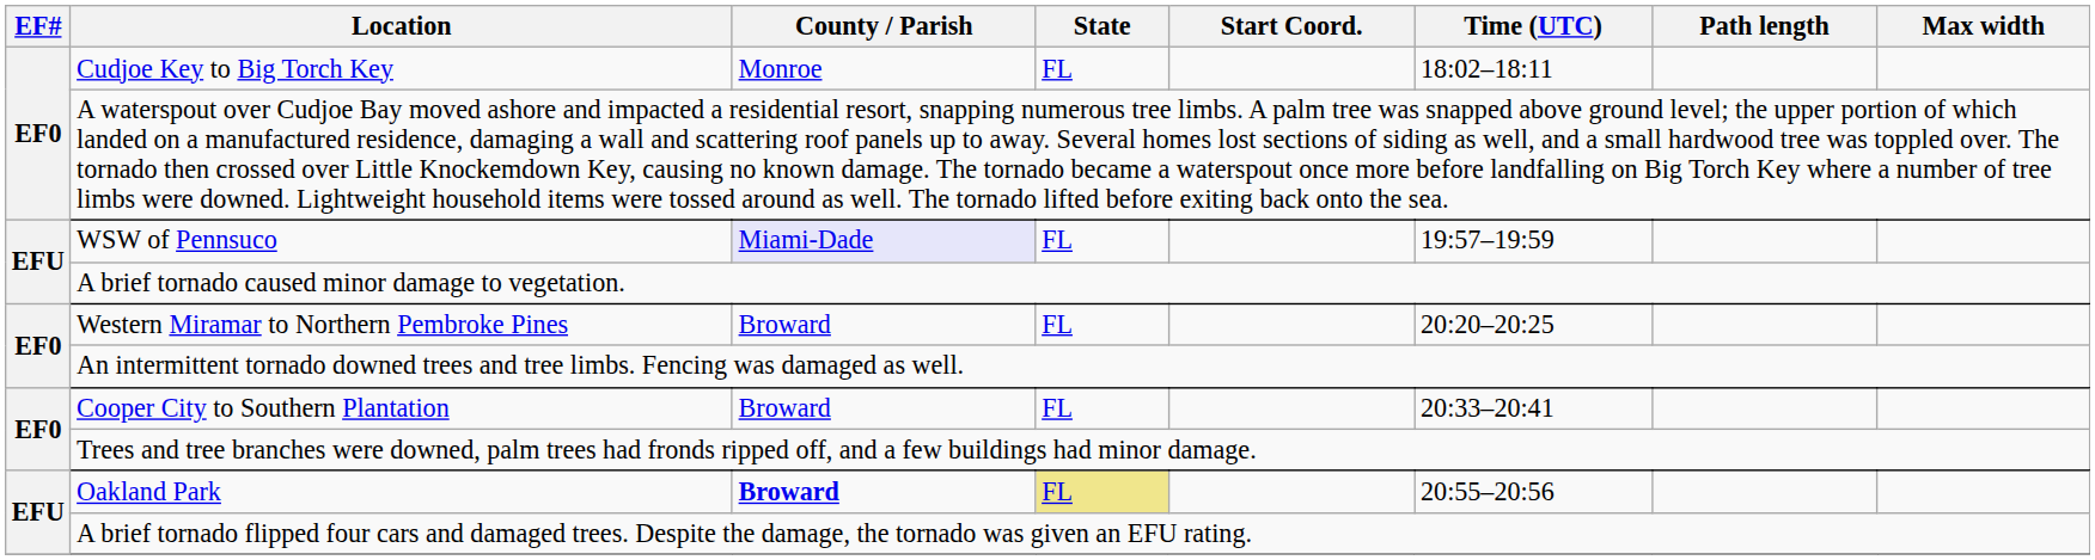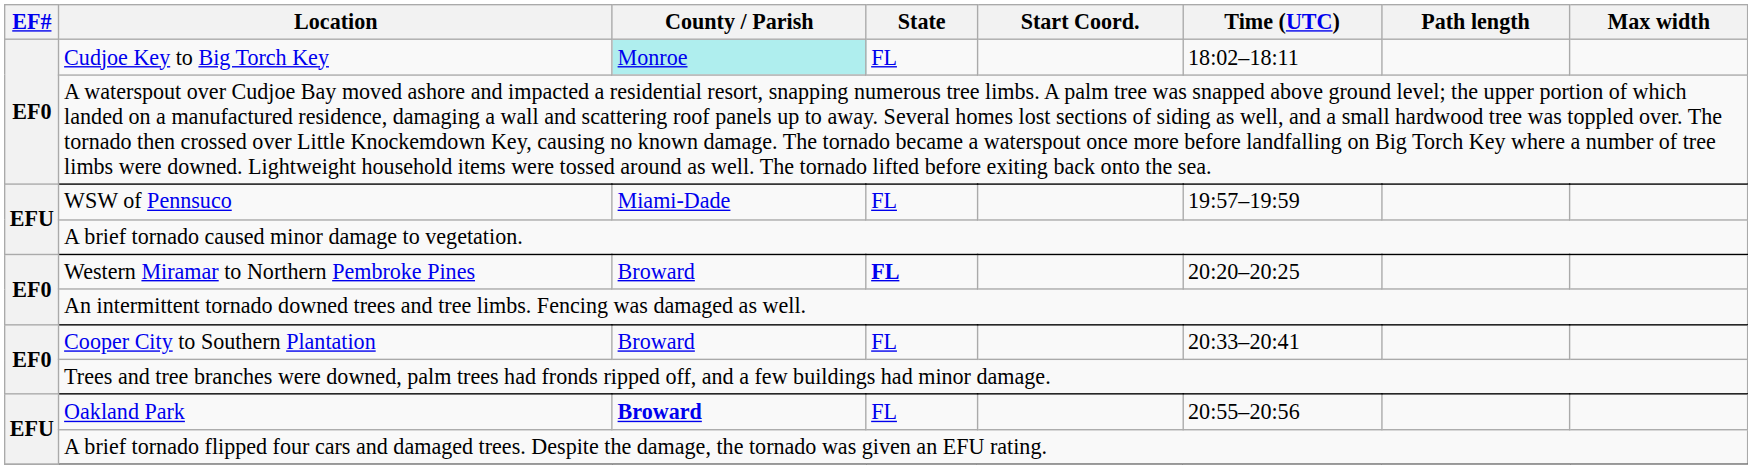 <table class="wikitable sortable" style="width:100%;">
 <tr>
 <th scope="col" width="2%" align="center"><a href='#'>EF#</a></th>
 <th scope="col" align="center" class="unsortable">Location</th>
 <th scope="col" align="center" class="unsortable">County / Parish</th>
 <th scope="col" align="center">State</th>
 <th scope="col" align="center">Start Coord.</th>
 <th scope="col" align="center">Time (<a href='#'>UTC</a>)</th>
 <th scope="col" align="center">Path length</th>
 <th scope="col" align="center">Max width</th>
 </tr>
 <tr>
 <th scope="row" rowspan="2" style="background-color:#">EF0</th>
 <td><a href='#'>Cudjoe Key</a> to <a href='#'>Big Torch Key</a></td>
-<td><a href='#'>Monroe</a></td>
+<td style="background: paleturquoise;"><a href='#'>Monroe</a></td>
 <td><a href='#'>FL</a></td>
 <td></td>
 <td>18:02–18:11</td>
 <td></td>
 <td></td>
 </tr>
 <tr class="expand-child">
 <td colspan="8" style=" border-bottom: 1px solid black;">A waterspout over Cudjoe Bay moved ashore and impacted a residential resort, snapping numerous tree limbs. A palm tree was snapped  above ground level; the upper portion of which landed on a manufactured residence, damaging a wall and scattering roof panels up to  away. Several homes lost sections of siding as well, and a small hardwood tree was toppled over. The tornado then crossed over Little Knockemdown Key, causing no known damage. The tornado became a waterspout once more before landfalling on Big Torch Key where a number of tree limbs were downed. Lightweight household items were tossed around as well. The tornado lifted before exiting back onto the sea.</td>
 </tr>
 <tr>
 <th scope="row" rowspan="2" style="background-color:#">EFU</th>
 <td>WSW of <a href='#'>Pennsuco</a></td>
-<td style="background: lavender;"><a href='#'>Miami-Dade</a></td>
+<td><a href='#'>Miami-Dade</a></td>
 <td><a href='#'>FL</a></td>
 <td></td>
 <td>19:57–19:59</td>
 <td></td>
 <td></td>
 </tr>
 <tr class="expand-child">
 <td colspan="8" style=" border-bottom: 1px solid black;">A brief tornado caused minor damage to vegetation.</td>
 </tr>
 <tr>
 <th scope="row" rowspan="2" style="background-color:#">EF0</th>
 <td>Western <a href='#'>Miramar</a> to Northern <a href='#'>Pembroke Pines</a></td>
 <td><a href='#'>Broward</a></td>
-<td><a href='#'>FL</a></td>
+<td><strong><a href='#'>FL</a></strong></td>
 <td></td>
 <td>20:20–20:25</td>
 <td></td>
 <td></td>
 </tr>
 <tr class="expand-child">
 <td colspan="8" style=" border-bottom: 1px solid black;">An intermittent tornado downed trees and tree limbs. Fencing was damaged as well.</td>
 </tr>
 <tr>
 <th scope="row" rowspan="2" style="background-color:#">EF0</th>
 <td><a href='#'>Cooper City</a> to Southern <a href='#'>Plantation</a></td>
 <td><a href='#'>Broward</a></td>
 <td><a href='#'>FL</a></td>
 <td></td>
 <td>20:33–20:41</td>
 <td></td>
 <td></td>
 </tr>
 <tr class="expand-child">
 <td colspan="8" style=" border-bottom: 1px solid black;">Trees and tree branches were downed, palm trees had fronds ripped off, and a few buildings had minor damage.</td>
 </tr>
 <tr>
 <th scope="row" rowspan="2" style="background-color:#">EFU</th>
 <td><a href='#'>Oakland Park</a></td>
 <td><strong><a href='#'>Broward</a></strong></td>
-<td style="background: khaki;"><a href='#'>FL</a></td>
+<td><a href='#'>FL</a></td>
 <td></td>
 <td>20:55–20:56</td>
 <td></td>
 <td></td>
 </tr>
 <tr class="expand-child">
 <td colspan="8" style=" border-bottom: 1px solid black;">A brief tornado flipped four cars and damaged trees. Despite the damage, the tornado was given an EFU rating.</td>
 </tr>
 <tr>
 </tr>
 </table>
